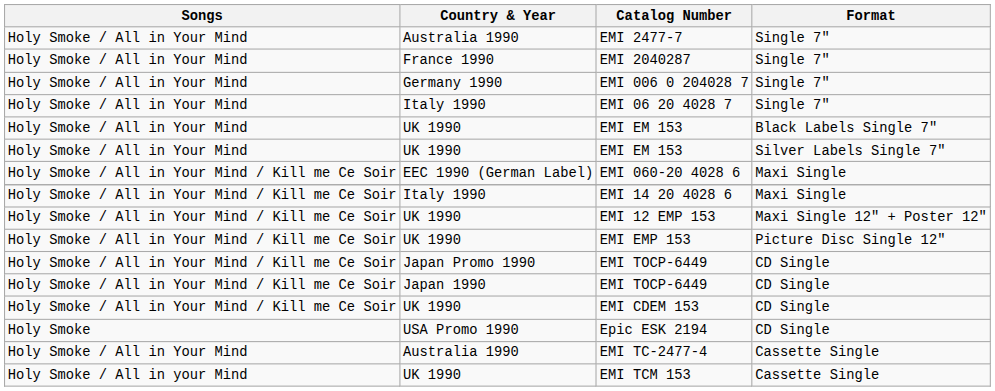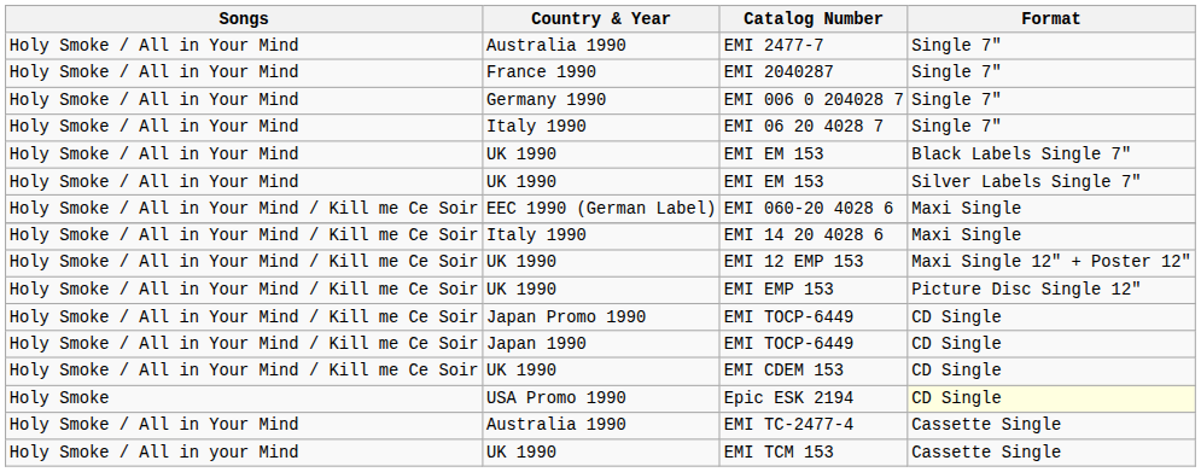 <table class="wikitable">
 <tr>
 <th>Songs</th>
 <th>Country & Year</th>
 <th>Catalog Number</th>
 <th>Format</th>
 </tr>
 <tr>
 <td>Holy Smoke / All in Your Mind</td>
 <td>Australia 1990</td>
 <td>EMI 2477-7</td>
 <td>Single 7"</td>
 </tr>
 <tr>
 <td>Holy Smoke / All in Your Mind</td>
 <td>France 1990</td>
 <td>EMI 2040287</td>
 <td>Single 7"</td>
 </tr>
 <tr>
 <td>Holy Smoke / All in Your Mind</td>
 <td>Germany 1990</td>
 <td>EMI 006 0 204028 7</td>
 <td>Single 7"</td>
 </tr>
 <tr>
 <td>Holy Smoke / All in Your Mind</td>
 <td>Italy 1990</td>
 <td>EMI 06 20 4028 7</td>
 <td>Single 7"</td>
 </tr>
 <tr>
 <td>Holy Smoke / All in Your Mind</td>
 <td>UK 1990</td>
 <td>EMI EM 153</td>
 <td>Black Labels Single 7"</td>
 </tr>
 <tr>
 <td>Holy Smoke / All in Your Mind</td>
 <td>UK 1990</td>
 <td>EMI EM 153</td>
 <td>Silver Labels Single 7"</td>
 </tr>
 <tr>
 <td>Holy Smoke / All in Your Mind / Kill me Ce Soir</td>
 <td>EEC 1990 (German Label)</td>
 <td>EMI 060-20 4028 6</td>
 <td>Maxi Single</td>
 </tr>
 <tr>
 </tr>
 <tr>
 <td>Holy Smoke / All in Your Mind / Kill me Ce Soir</td>
 <td>Italy 1990</td>
 <td>EMI 14 20 4028 6</td>
 <td>Maxi Single</td>
 </tr>
 <tr>
 <td>Holy Smoke / All in Your Mind / Kill me Ce Soir</td>
 <td>UK 1990</td>
 <td>EMI 12 EMP 153</td>
 <td>Maxi Single 12" + Poster 12"</td>
 </tr>
 <tr>
 <td>Holy Smoke / All in Your Mind / Kill me Ce Soir</td>
 <td>UK 1990</td>
 <td>EMI EMP 153</td>
 <td>Picture Disc Single 12"</td>
 </tr>
 <tr>
 <td>Holy Smoke / All in Your Mind / Kill me Ce Soir</td>
 <td>Japan Promo 1990</td>
 <td>EMI TOCP-6449</td>
 <td>CD Single</td>
 </tr>
 <tr>
 <td>Holy Smoke / All in Your Mind / Kill me Ce Soir</td>
 <td>Japan 1990</td>
 <td>EMI TOCP-6449</td>
 <td>CD Single</td>
 </tr>
 <tr>
 <td>Holy Smoke / All in Your Mind / Kill me Ce Soir</td>
 <td>UK 1990</td>
 <td>EMI CDEM 153</td>
 <td>CD Single</td>
 </tr>
 <tr>
 <td>Holy Smoke</td>
 <td>USA Promo 1990</td>
 <td>Epic ESK 2194</td>
-<td>CD Single</td>
+<td style="background: lightyellow;">CD Single</td>
 </tr>
 <tr>
 <td>Holy Smoke / All in Your Mind</td>
 <td>Australia 1990</td>
 <td>EMI TC-2477-4</td>
 <td>Cassette Single</td>
 </tr>
 <tr>
 <td>Holy Smoke / All in your Mind</td>
 <td>UK 1990</td>
 <td>EMI TCM 153</td>
 <td>Cassette Single</td>
 </tr>
 </table>
